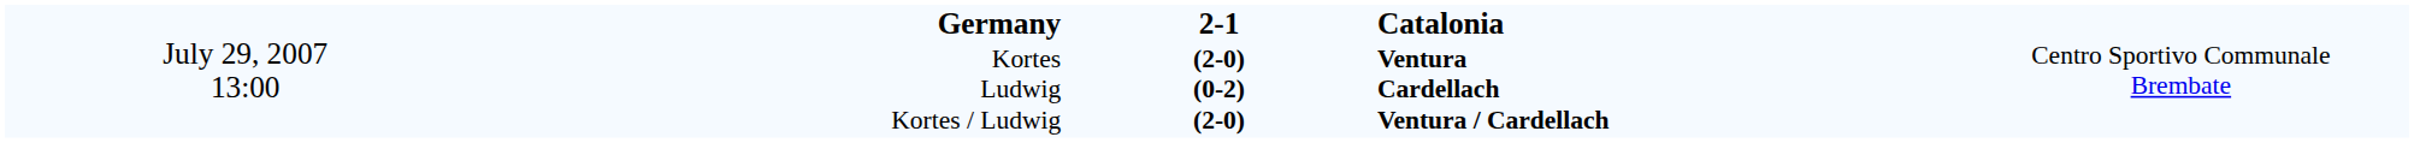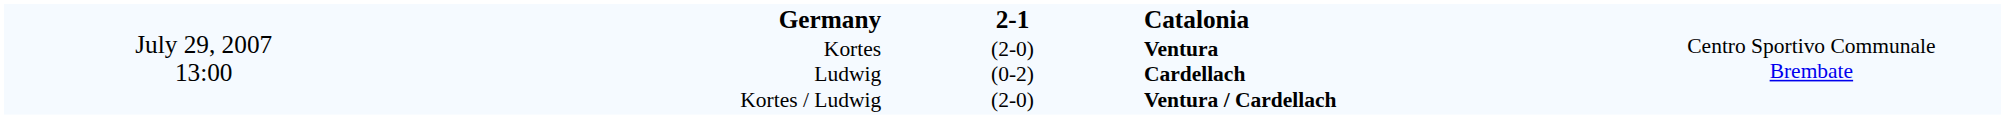 <table style="width: 100%; background:#F5FAFF;" cellspacing="0">
 <tr>
 <td align=center rowspan=3 width=20%>July 29, 2007<br>13:00</td>
 </tr>
 <tr>
 <td width=24% align=right><strong>Germany</strong></td>
 <td align=center width=13%><strong>2-1</strong></td>
 <td width=24%><strong>Catalonia</strong></td>
 <td style=font-size:85% rowspan=3 valign=middle align=center>Centro Sportivo Communale<br><a href='#'>Brembate</a></td>
 </tr>
 <tr style=font-size:85%>
 <td align=right valign=top>Kortes<br>Ludwig<br>Kortes / Ludwig</td>
-<td align=center><strong>(2-0)<br>(0-2)<br>(2-0)</strong></td>
+<td align=center>(2-0)<br>(0-2)<br>(2-0)</td>
 <td><strong>Ventura<br>Cardellach<br>Ventura / Cardellach</strong></td>
 </tr>
 </table>
